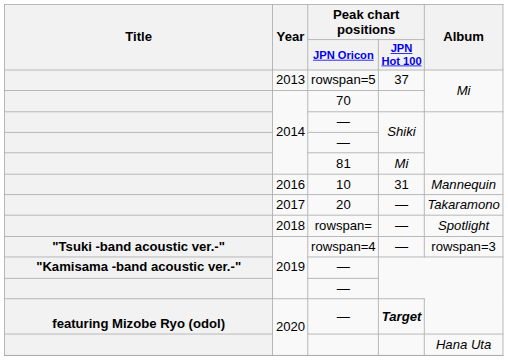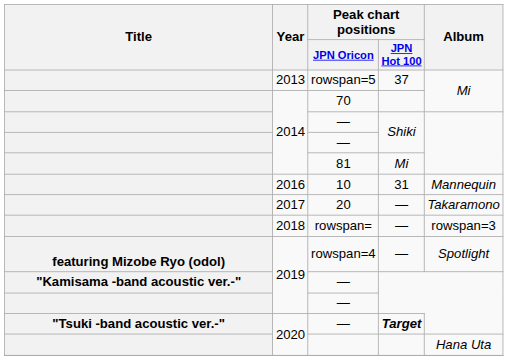 <table class="wikitable plainrowheaders" style="text-align:center;">
 <tr>
 <th scope="col" rowspan="2" style="width:20em;">Title</th>
 <th scope="col" rowspan="2">Year</th>
 <th scope="col" colspan="2">Peak chart positions</th>
 <th scope="col" rowspan="2">Album</th>
 </tr>
 <tr>
 <th style="width:3em;font-size:85%"><a href='#'>JPN Oricon</a><br></th>
 <th style="width:3em;font-size:85%"><a href='#'>JPN Hot 100</a><br></th>
 </tr>
 <tr>
 <th scope="row"></th>
 <td>2013</td>
 <td>rowspan=5 </td>
 <td>37</td>
 <td rowspan=2><em>Mi</em></td>
 </tr>
 <tr>
 <th scope="row"></th>
 <td rowspan="4">2014</td>
 <td>70</td>
 </tr>
 <tr>
 <th scope="row"></th>
 <td>—</td>
 <td rowspan=2><em>Shiki</em></td>
 </tr>
 <tr>
 <th scope="row"></th>
 <td>—</td>
 </tr>
 <tr>
 <th scope="row"></th>
 <td>81</td>
 <td><em>Mi</em></td>
 </tr>
 <tr>
 <th scope="row"></th>
 <td>2016</td>
 <td>10</td>
 <td>31</td>
 <td><em>Mannequin</em></td>
 </tr>
 <tr>
 <th scope="row"></th>
 <td>2017</td>
 <td>20</td>
 <td>—</td>
 <td><em>Takaramono</em></td>
 </tr>
 <tr>
 <th scope="row"></th>
 <td>2018</td>
 <td>rowspan= </td>
 <td>—</td>
-<td><em>Spotlight</em></td>
+<td>rowspan=3 </td>
 </tr>
 <tr>
-<th scope="row">"Tsuki -band acoustic ver.-"</th>
+<th scope="row"> <br>featuring Mizobe Ryo (odol)</th>
 <td rowspan="3">2019</td>
 <td>rowspan=4 </td>
 <td>—</td>
-<td>rowspan=3 </td>
+<td><em>Spotlight</em></td>
 </tr>
 <tr>
 <th scope="row">"Kamisama -band acoustic ver.-"</th>
 <td>—</td>
 </tr>
 <tr>
 <th scope="row"></th>
 <td>—</td>
 </tr>
 <tr>
-<th scope="row"> <br>featuring Mizobe Ryo (odol)</th>
+<th scope="row">"Tsuki -band acoustic ver.-"</th>
 <td rowspan="2">2020</td>
 <td>—</td>
 <td><strong><em>Target</em></strong></td>
 </tr>
 <tr>
 <th scope="row"></th>
 <td></td>
 <td></td>
 <td><em>Hana Uta</em></td>
 </tr>
 <tr>
 </tr>
 </table>
